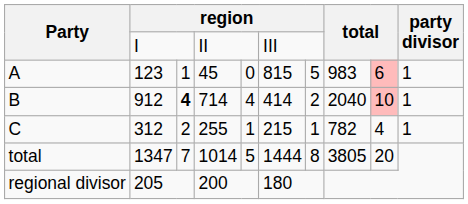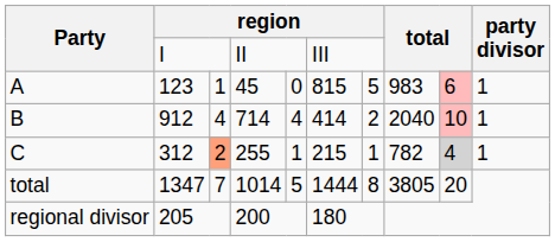 <table class="wikitable">
 <tr>
 <th rowspan="2">Party</th>
 <th colspan="6">region</th>
 <th colspan="2" rowspan="2">total</th>
 <th rowspan="2">party<br>divisor</th>
 </tr>
 <tr>
 <td colspan="2">I</td>
 <td colspan=2>II</td>
 <td colspan=2>III</td>
 </tr>
 <tr>
 <td>A</td>
 <td>123</td>
 <td>1</td>
 <td>45</td>
 <td>0</td>
 <td>815</td>
 <td>5</td>
 <td>983</td>
 <td bgcolor=#ffbbbb>6</td>
 <td>1</td>
 </tr>
 <tr>
 <td>B</td>
 <td>912</td>
-<td><strong>4</strong></td>
+<td>4</td>
 <td>714</td>
 <td>4</td>
 <td>414</td>
 <td>2</td>
 <td>2040</td>
 <td bgcolor=#ffbbbb>10</td>
 <td>1</td>
 </tr>
 <tr>
 <td>C</td>
 <td>312</td>
-<td>2</td>
+<td style="background: lightsalmon;">2</td>
 <td>255</td>
 <td>1</td>
 <td>215</td>
 <td>1</td>
 <td>782</td>
-<td>4</td>
+<td style="background: lightgrey;">4</td>
 <td>1</td>
 </tr>
 <tr>
 <td>total</td>
 <td>1347</td>
 <td>7</td>
 <td>1014</td>
 <td>5</td>
 <td>1444</td>
 <td>8</td>
 <td>3805</td>
 <td>20</td>
 </tr>
 <tr>
 <td>regional divisor</td>
 <td colspan=2>205</td>
 <td colspan=2>200</td>
 <td colspan=2>180</td>
 </tr>
 </table>
